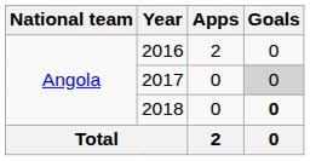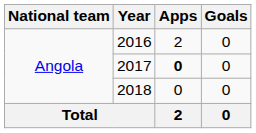 <table class="wikitable" style="text-align:center">
 <tr>
 <th>National team</th>
 <th>Year</th>
 <th>Apps</th>
 <th>Goals</th>
 </tr>
 <tr>
 <td rowspan="3"><a href='#'>Angola</a></td>
 <td>2016</td>
 <td>2</td>
 <td>0</td>
 </tr>
 <tr>
 <td>2017</td>
+<td><strong>0</strong></td>
 <td>0</td>
-<td style="background: lightgrey;">0</td>
 </tr>
 <tr>
 <td>2018</td>
 <td>0</td>
-<td><strong>0</strong></td>
+<td>0</td>
 </tr>
 <tr>
 <th colspan=2>Total</th>
 <th>2</th>
 <th>0</th>
 </tr>
 </table>
